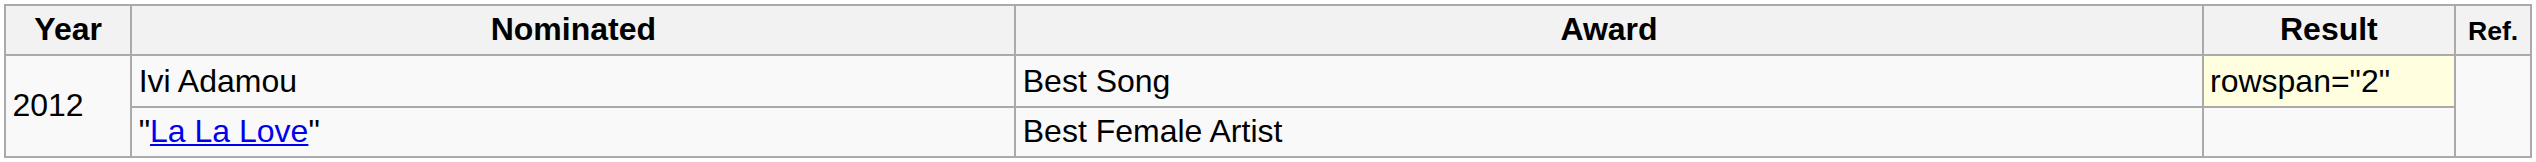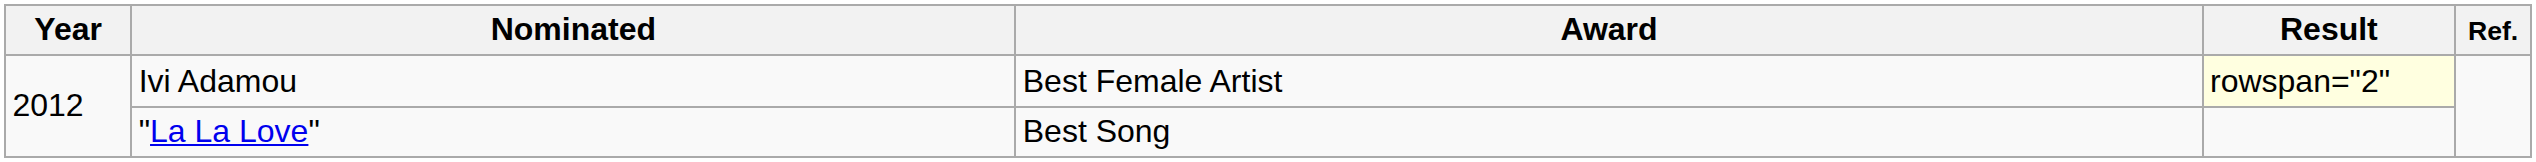 <table class="wikitable" style="width:100%;">
 <tr>
 <th style="width:5%;">Year</th>
 <th style="width:35%;">Nominated</th>
 <th style="width:47%;">Award</th>
 <th style="width:10%;">Result</th>
 <th style="width:3%;"><small>Ref.</small></th>
 </tr>
 <tr>
 <td rowspan="2">2012</td>
 <td>Ivi Adamou</td>
-<td>Best Song</td>
+<td>Best Female Artist</td>
 <td style="background: lightyellow;">rowspan="2" </td>
 <td rowspan="2" align="center"></td>
 </tr>
 <tr>
 <td>"<a href='#'>La La Love</a>"</td>
-<td>Best Female Artist</td>
+<td>Best Song</td>
 </tr>
 </table>
